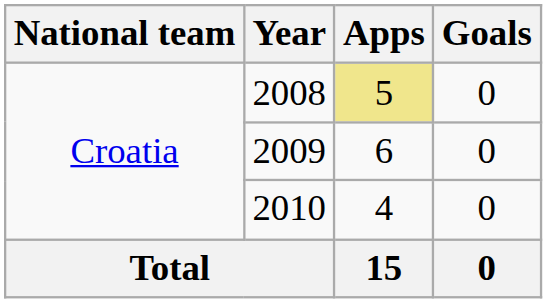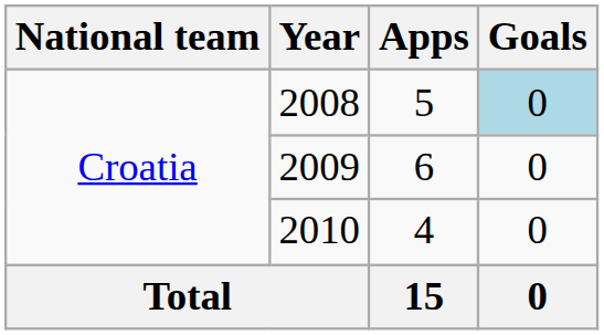 <table class="wikitable" style="text-align:center">
 <tr>
 <th>National team</th>
 <th>Year</th>
 <th>Apps</th>
 <th>Goals</th>
 </tr>
 <tr>
 <td rowspan="3"><a href='#'>Croatia</a></td>
 <td>2008</td>
-<td style="background: khaki;">5</td>
-<td>0</td>
+<td>5</td>
+<td style="background: lightblue;">0</td>
 </tr>
 <tr>
 <td>2009</td>
 <td>6</td>
 <td>0</td>
 </tr>
 <tr>
 <td>2010</td>
 <td>4</td>
 <td>0</td>
 </tr>
 <tr>
 <th colspan="2">Total</th>
 <th>15</th>
 <th>0</th>
 </tr>
 </table>
